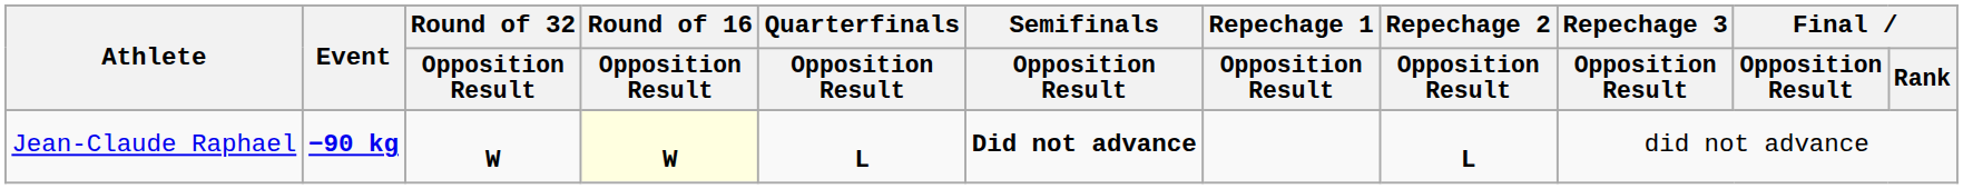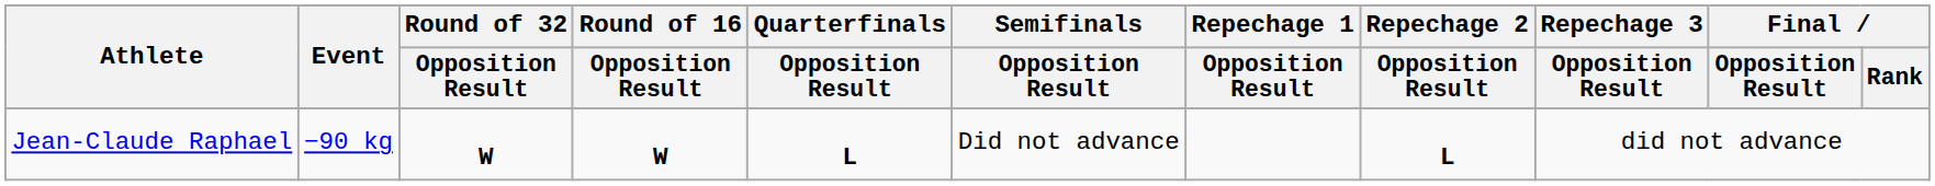 <table class="wikitable" style="font-size:90%">
 <tr>
 <th rowspan="2">Athlete</th>
 <th rowspan="2">Event</th>
 <th>Round of 32</th>
 <th>Round of 16</th>
 <th>Quarterfinals</th>
 <th>Semifinals</th>
 <th>Repechage 1</th>
 <th>Repechage 2</th>
 <th>Repechage 3</th>
 <th colspan=2>Final / </th>
 </tr>
 <tr style="font-size:95%">
 <th>Opposition<br>Result</th>
 <th>Opposition<br>Result</th>
 <th>Opposition<br>Result</th>
 <th>Opposition<br>Result</th>
 <th>Opposition<br>Result</th>
 <th>Opposition<br>Result</th>
 <th>Opposition<br>Result</th>
 <th>Opposition<br>Result</th>
 <th>Rank</th>
 </tr>
 <tr align=center>
 <td align=left><a href='#'>Jean-Claude Raphael</a></td>
-<td align=left><strong><a href='#'>−90 kg</a></strong></td>
+<td align=left><a href='#'>−90 kg</a></td>
 <td><br><strong>W</strong></td>
-<td style="background: lightyellow;"><br><strong>W</strong></td>
+<td><br><strong>W</strong></td>
 <td><br><strong>L</strong></td>
-<td><strong>Did not advance</strong></td>
+<td>Did not advance</td>
 <td></td>
 <td><br><strong>L</strong></td>
 <td colspan=4>did not advance</td>
 </tr>
 </table>
